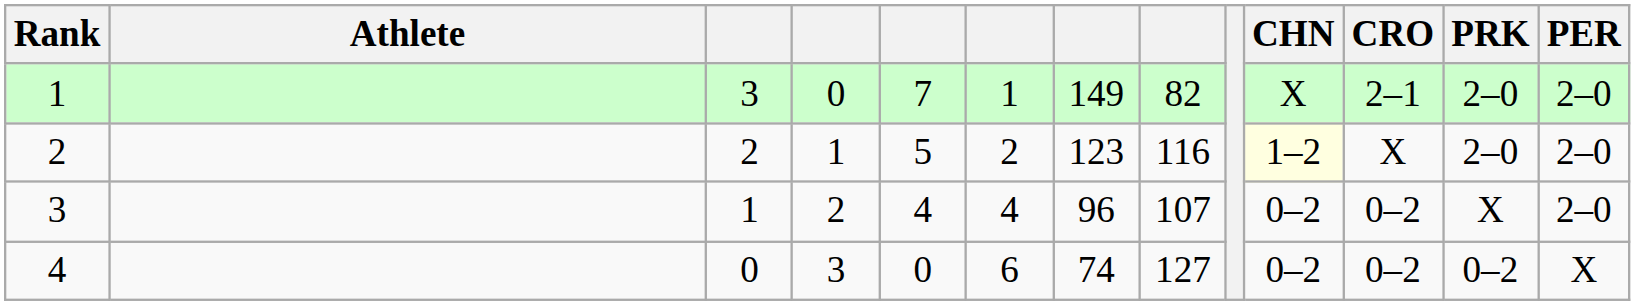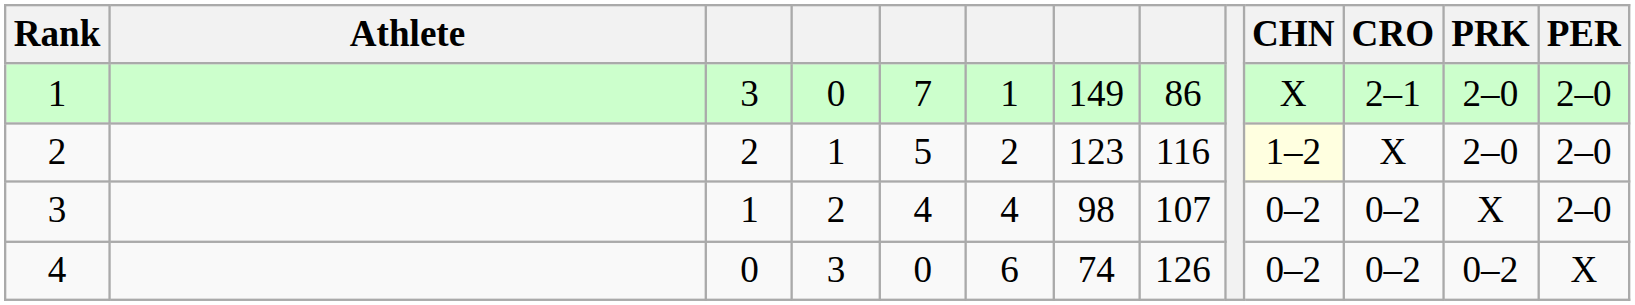 <table class="wikitable" style="text-align:center">
 <tr>
 <th>Rank</th>
 <th width=250>Athlete</th>
 <th width=30></th>
 <th width=30></th>
 <th width=30></th>
 <th width=30></th>
 <th width=30></th>
 <th width=30></th>
 <th rowspan=5></th>
 <th width=30>CHN</th>
 <th width=30>CRO</th>
 <th width=30>PRK</th>
 <th width=30>PER</th>
 </tr>
 <tr style="background-color:#ccffcc;">
 <td>1</td>
 <td align=left></td>
 <td>3</td>
 <td>0</td>
 <td>7</td>
 <td>1</td>
 <td>149</td>
-<td>82</td>
+<td>86</td>
 <td>X</td>
 <td>2–1</td>
 <td>2–0</td>
 <td>2–0</td>
 </tr>
 <tr>
 <td>2</td>
 <td align=left></td>
 <td>2</td>
 <td>1</td>
 <td>5</td>
 <td>2</td>
 <td>123</td>
 <td>116</td>
 <td style="background: lightyellow;">1–2</td>
 <td>X</td>
 <td>2–0</td>
 <td>2–0</td>
 </tr>
 <tr>
 <td>3</td>
 <td align=left></td>
 <td>1</td>
 <td>2</td>
 <td>4</td>
 <td>4</td>
-<td>96</td>
+<td>98</td>
 <td>107</td>
 <td>0–2</td>
 <td>0–2</td>
 <td>X</td>
 <td>2–0</td>
 </tr>
 <tr>
 <td>4</td>
 <td align=left></td>
 <td>0</td>
 <td>3</td>
 <td>0</td>
 <td>6</td>
 <td>74</td>
-<td>127</td>
+<td>126</td>
 <td>0–2</td>
 <td>0–2</td>
 <td>0–2</td>
 <td>X</td>
 </tr>
 </table>
